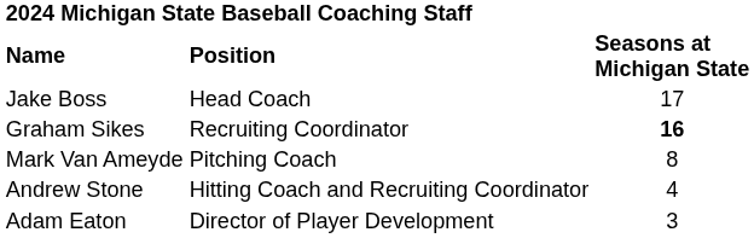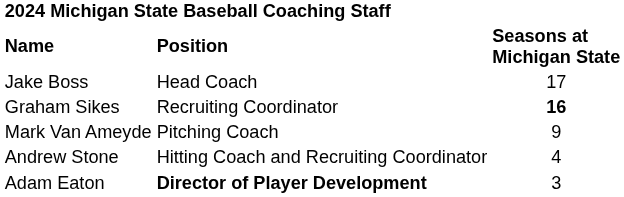 <table class="toccolours" style="text-align: left; font-size:90%;">
 <tr>
 <th colspan="9">2024 Michigan State Baseball Coaching Staff</th>
 </tr>
 <tr>
 <th>Name</th>
 <th>Position</th>
 <th>Seasons at<br>Michigan State</th>
 </tr>
 <tr>
 <td>Jake Boss</td>
 <td>Head Coach</td>
 <td align=center>17</td>
 </tr>
 <tr>
 <td>Graham Sikes</td>
 <td>Recruiting Coordinator</td>
 <td align=center><strong>16</strong></td>
 </tr>
 <tr>
 <td>Mark Van Ameyde</td>
 <td>Pitching Coach</td>
-<td align=center>8</td>
+<td align=center>9</td>
 </tr>
 <tr>
 <td>Andrew Stone</td>
 <td>Hitting Coach and Recruiting Coordinator</td>
 <td align=center>4</td>
 </tr>
 <tr>
 <td>Adam Eaton</td>
-<td>Director of Player Development</td>
+<td><strong>Director of Player Development</strong></td>
 <td align=center>3</td>
 </tr>
 </table>
